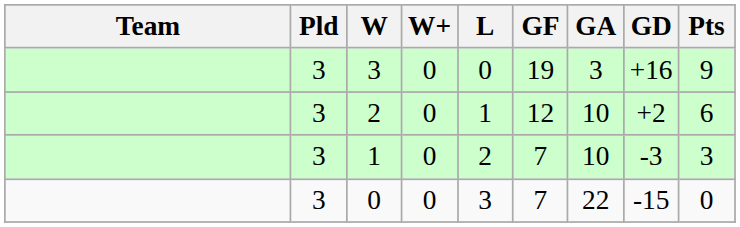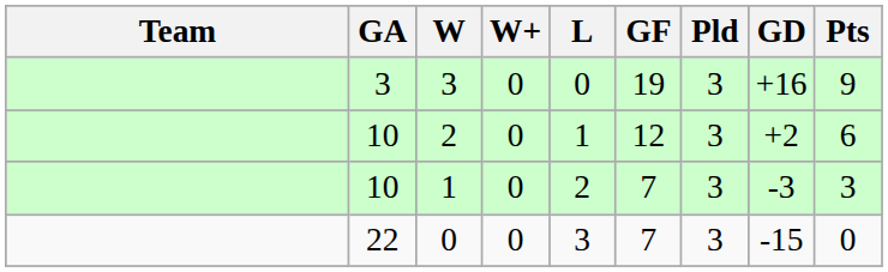 <table class="wikitable" style="text-align:center;">
 <tr>
 <th width=160>Team</th>
-<th width=25>Pld</th>
+<th width=25>GA</th>
 <th width=25>W</th>
 <th width=25>W+</th>
 <th width=25>L</th>
 <th width=25>GF</th>
-<th width=25>GA</th>
+<th width=25>Pld</th>
 <th width=25>GD</th>
 <th width=25>Pts</th>
 </tr>
 <tr style="background:#ccffcc;">
 <td align=left></td>
 <td>3</td>
 <td>3</td>
 <td>0</td>
 <td>0</td>
 <td>19</td>
 <td>3</td>
 <td>+16</td>
 <td>9</td>
 </tr>
 <tr style="background:#ccffcc;">
 <td align=left></td>
-<td>3</td>
+<td>10</td>
 <td>2</td>
 <td>0</td>
 <td>1</td>
 <td>12</td>
-<td>10</td>
+<td>3</td>
 <td>+2</td>
 <td>6</td>
 </tr>
 <tr style="background:#ccffcc;">
 <td align=left></td>
-<td>3</td>
+<td>10</td>
 <td>1</td>
 <td>0</td>
 <td>2</td>
 <td>7</td>
-<td>10</td>
+<td>3</td>
 <td>-3</td>
 <td>3</td>
 </tr>
 <tr>
 <td align=left></td>
-<td>3</td>
+<td>22</td>
 <td>0</td>
 <td>0</td>
 <td>3</td>
 <td>7</td>
-<td>22</td>
+<td>3</td>
 <td>-15</td>
 <td>0</td>
 </tr>
 </table>
